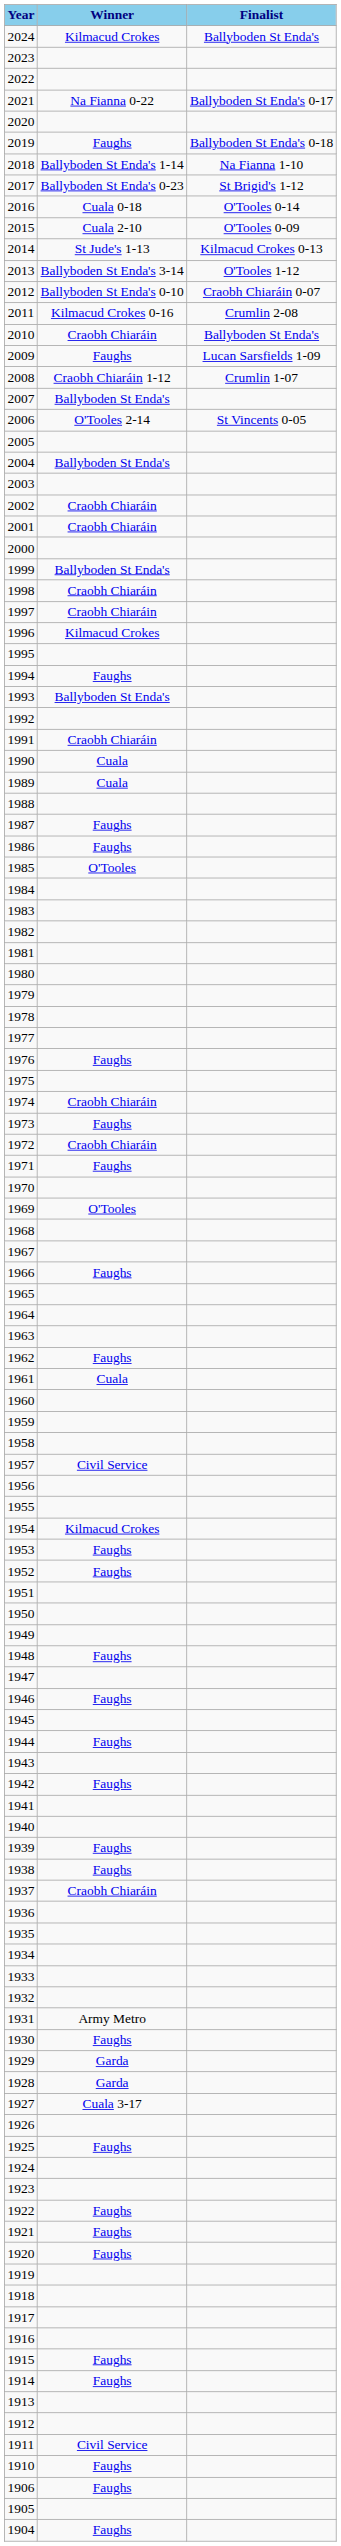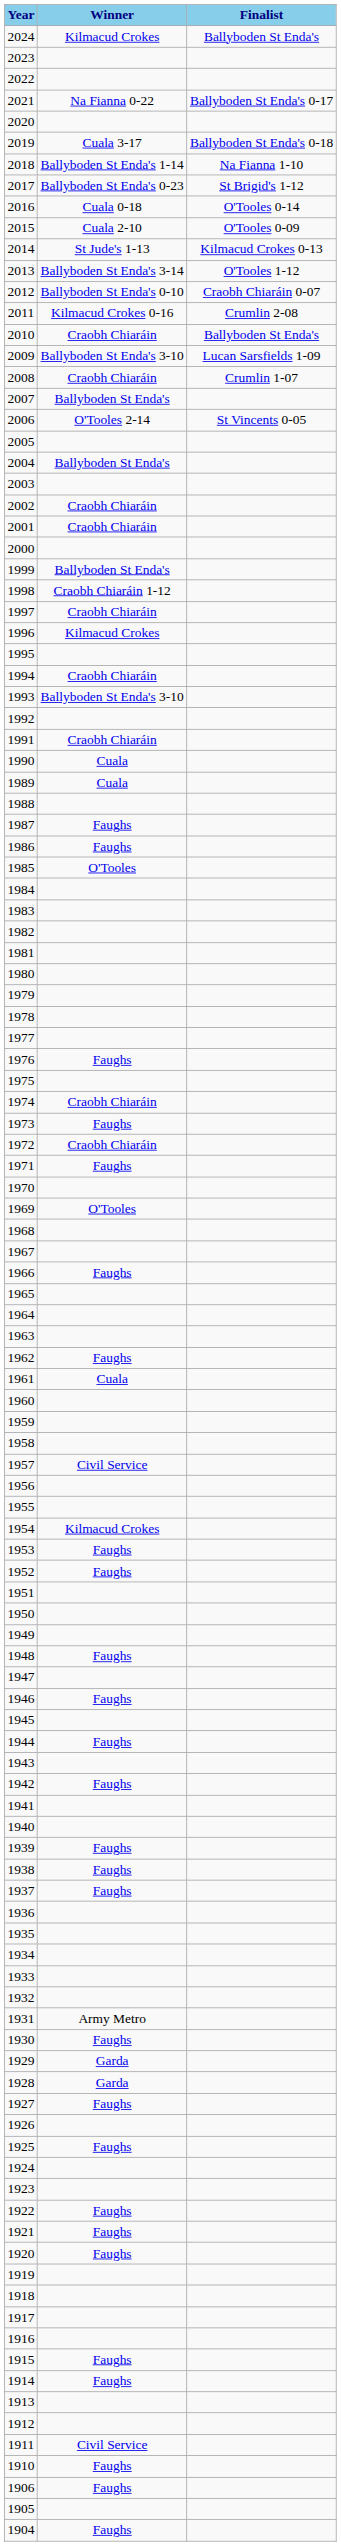 <table class="wikitable" style="text-align:center;">
 <tr>
 <th style="background:skyblue;color:navy;">Year</th>
 <th style="background:skyblue;color:navy;">Winner</th>
 <th style="background:skyblue;color:navy;">Finalist</th>
 </tr>
 <tr>
 <td>2024</td>
 <td><a href='#'>Kilmacud Crokes</a></td>
 <td><a href='#'>Ballyboden St Enda's</a></td>
 </tr>
 <tr>
 <td>2023</td>
 <td></td>
 <td></td>
 </tr>
 <tr>
 <td>2022</td>
 <td></td>
 <td></td>
 </tr>
 <tr>
 <td>2021</td>
 <td><a href='#'>Na Fianna</a>  0-22</td>
 <td><a href='#'>Ballyboden St Enda's</a> 0-17</td>
 </tr>
 <tr>
 <td>2020</td>
 <td></td>
 <td></td>
 </tr>
 <tr>
 <td>2019</td>
-<td><a href='#'>Faughs</a></td>
+<td><a href='#'>Cuala</a> 3-17</td>
 <td><a href='#'>Ballyboden St Enda's</a> 0-18</td>
 </tr>
 <tr>
 <td>2018</td>
 <td><a href='#'>Ballyboden St Enda's</a>  1-14</td>
 <td><a href='#'>Na Fianna</a>  1-10</td>
 </tr>
 <tr>
 <td>2017</td>
 <td><a href='#'>Ballyboden St Enda's</a> 0-23</td>
 <td><a href='#'>St Brigid's</a> 1-12</td>
 </tr>
 <tr>
 <td>2016</td>
 <td><a href='#'>Cuala</a> 0-18</td>
 <td><a href='#'>O'Tooles</a> 0-14</td>
 </tr>
 <tr>
 <td>2015</td>
 <td><a href='#'>Cuala</a> 2-10</td>
 <td><a href='#'>O'Tooles</a> 0-09</td>
 </tr>
 <tr>
 <td>2014</td>
 <td><a href='#'>St Jude's</a> 1-13</td>
 <td><a href='#'>Kilmacud Crokes</a> 0-13</td>
 </tr>
 <tr>
 <td>2013</td>
 <td><a href='#'>Ballyboden St Enda's</a> 3-14</td>
 <td><a href='#'>O'Tooles</a> 1-12</td>
 </tr>
 <tr>
 <td>2012</td>
 <td><a href='#'>Ballyboden St Enda's</a> 0-10</td>
 <td><a href='#'>Craobh Chiaráin</a> 0-07</td>
 </tr>
 <tr>
 <td>2011</td>
 <td><a href='#'>Kilmacud Crokes</a> 0-16</td>
 <td><a href='#'>Crumlin</a> 2-08</td>
 </tr>
 <tr>
 <td>2010</td>
 <td><a href='#'>Craobh Chiaráin</a></td>
 <td><a href='#'>Ballyboden St Enda's</a></td>
 </tr>
 <tr>
 <td>2009</td>
-<td><a href='#'>Faughs</a></td>
+<td><a href='#'>Ballyboden St Enda's</a> 3-10</td>
 <td><a href='#'>Lucan Sarsfields</a> 1-09</td>
 </tr>
 <tr>
 <td>2008</td>
-<td><a href='#'>Craobh Chiaráin</a> 1-12</td>
+<td><a href='#'>Craobh Chiaráin</a></td>
 <td><a href='#'>Crumlin</a> 1-07</td>
 </tr>
 <tr>
 <td>2007</td>
 <td><a href='#'>Ballyboden St Enda's</a></td>
 <td></td>
 </tr>
 <tr>
 <td>2006</td>
 <td><a href='#'>O'Tooles</a> 2-14</td>
 <td><a href='#'>St Vincents</a> 0-05</td>
 </tr>
 <tr>
 <td>2005</td>
 <td></td>
 <td></td>
 </tr>
 <tr>
 <td>2004</td>
 <td><a href='#'>Ballyboden St Enda's</a></td>
 <td></td>
 </tr>
 <tr>
 <td>2003</td>
 <td></td>
 <td></td>
 </tr>
 <tr>
 <td>2002</td>
 <td><a href='#'>Craobh Chiaráin</a></td>
 <td></td>
 </tr>
 <tr>
 <td>2001</td>
 <td><a href='#'>Craobh Chiaráin</a></td>
 <td></td>
 </tr>
 <tr>
 <td>2000</td>
 <td></td>
 <td></td>
 </tr>
 <tr>
 <td>1999</td>
 <td><a href='#'>Ballyboden St Enda's</a></td>
 <td></td>
 </tr>
 <tr>
 <td>1998</td>
-<td><a href='#'>Craobh Chiaráin</a></td>
+<td><a href='#'>Craobh Chiaráin</a> 1-12</td>
 <td></td>
 </tr>
 <tr>
 <td>1997</td>
 <td><a href='#'>Craobh Chiaráin</a></td>
 <td></td>
 </tr>
 <tr>
 <td>1996</td>
 <td><a href='#'>Kilmacud Crokes</a></td>
 <td></td>
 </tr>
 <tr>
 <td>1995</td>
 <td></td>
 <td></td>
 </tr>
 <tr>
 <td>1994</td>
-<td><a href='#'>Faughs</a></td>
+<td><a href='#'>Craobh Chiaráin</a></td>
 <td></td>
 </tr>
 <tr>
 <td>1993</td>
-<td><a href='#'>Ballyboden St Enda's</a></td>
+<td><a href='#'>Ballyboden St Enda's</a> 3-10</td>
 <td></td>
 </tr>
 <tr>
 <td>1992</td>
 <td></td>
 <td></td>
 </tr>
 <tr>
 <td>1991</td>
 <td><a href='#'>Craobh Chiaráin</a></td>
 <td></td>
 </tr>
 <tr>
 <td>1990</td>
 <td><a href='#'>Cuala</a></td>
 <td></td>
 </tr>
 <tr>
 <td>1989</td>
 <td><a href='#'>Cuala</a></td>
 <td></td>
 </tr>
 <tr>
 <td>1988</td>
 <td></td>
 <td></td>
 </tr>
 <tr>
 <td>1987</td>
 <td><a href='#'>Faughs</a></td>
 <td></td>
 </tr>
 <tr>
 <td>1986</td>
 <td><a href='#'>Faughs</a></td>
 <td></td>
 </tr>
 <tr>
 <td>1985</td>
 <td><a href='#'>O'Tooles</a></td>
 <td></td>
 </tr>
 <tr>
 <td>1984</td>
 <td></td>
 <td></td>
 </tr>
 <tr>
 <td>1983</td>
 <td></td>
 <td></td>
 </tr>
 <tr>
 <td>1982</td>
 <td></td>
 <td></td>
 </tr>
 <tr>
 <td>1981</td>
 <td></td>
 <td></td>
 </tr>
 <tr>
 <td>1980</td>
 <td></td>
 <td></td>
 </tr>
 <tr>
 <td>1979</td>
 <td></td>
 <td></td>
 </tr>
 <tr>
 <td>1978</td>
 <td></td>
 <td></td>
 </tr>
 <tr>
 <td>1977</td>
 <td></td>
 <td></td>
 </tr>
 <tr>
 <td>1976</td>
 <td><a href='#'>Faughs</a></td>
 <td></td>
 </tr>
 <tr>
 <td>1975</td>
 <td></td>
 <td></td>
 </tr>
 <tr>
 <td>1974</td>
 <td><a href='#'>Craobh Chiaráin</a></td>
 <td></td>
 </tr>
 <tr>
 <td>1973</td>
 <td><a href='#'>Faughs</a></td>
 <td></td>
 </tr>
 <tr>
 <td>1972</td>
 <td><a href='#'>Craobh Chiaráin</a></td>
 <td></td>
 </tr>
 <tr>
 <td>1971</td>
 <td><a href='#'>Faughs</a></td>
 <td></td>
 </tr>
 <tr>
 <td>1970</td>
 <td></td>
 <td></td>
 </tr>
 <tr>
 <td>1969</td>
 <td><a href='#'>O'Tooles</a></td>
 <td></td>
 </tr>
 <tr>
 <td>1968</td>
 <td></td>
 <td></td>
 </tr>
 <tr>
 <td>1967</td>
 <td></td>
 <td></td>
 </tr>
 <tr>
 <td>1966</td>
 <td><a href='#'>Faughs</a></td>
 <td></td>
 </tr>
 <tr>
 <td>1965</td>
 <td></td>
 <td></td>
 </tr>
 <tr>
 <td>1964</td>
 <td></td>
 <td></td>
 </tr>
 <tr>
 <td>1963</td>
 <td></td>
 <td></td>
 </tr>
 <tr>
 <td>1962</td>
 <td><a href='#'>Faughs</a></td>
 <td></td>
 </tr>
 <tr>
 <td>1961</td>
 <td><a href='#'>Cuala</a></td>
 <td></td>
 </tr>
 <tr>
 <td>1960</td>
 <td></td>
 <td></td>
 </tr>
 <tr>
 <td>1959</td>
 <td></td>
 <td></td>
 </tr>
 <tr>
 <td>1958</td>
 <td></td>
 <td></td>
 </tr>
 <tr>
 <td>1957</td>
 <td><a href='#'>Civil Service</a></td>
 <td></td>
 </tr>
 <tr>
 <td>1956</td>
 <td></td>
 <td></td>
 </tr>
 <tr>
 <td>1955</td>
 <td></td>
 <td></td>
 </tr>
 <tr>
 <td>1954</td>
 <td><a href='#'>Kilmacud Crokes</a></td>
 <td></td>
 </tr>
 <tr>
 <td>1953</td>
 <td><a href='#'>Faughs</a></td>
 <td></td>
 </tr>
 <tr>
 <td>1952</td>
 <td><a href='#'>Faughs</a></td>
 <td></td>
 </tr>
 <tr>
 <td>1951</td>
 <td></td>
 <td></td>
 </tr>
 <tr>
 <td>1950</td>
 <td></td>
 <td></td>
 </tr>
 <tr>
 <td>1949</td>
 <td></td>
 <td></td>
 </tr>
 <tr>
 <td>1948</td>
 <td><a href='#'>Faughs</a></td>
 <td></td>
 </tr>
 <tr>
 <td>1947</td>
 <td></td>
 <td></td>
 </tr>
 <tr>
 <td>1946</td>
 <td><a href='#'>Faughs</a></td>
 <td></td>
 </tr>
 <tr>
 <td>1945</td>
 <td></td>
 <td></td>
 </tr>
 <tr>
 <td>1944</td>
 <td><a href='#'>Faughs</a></td>
 <td></td>
 </tr>
 <tr>
 <td>1943</td>
 <td></td>
 <td></td>
 </tr>
 <tr>
 <td>1942</td>
 <td><a href='#'>Faughs</a></td>
 <td></td>
 </tr>
 <tr>
 <td>1941</td>
 <td></td>
 <td></td>
 </tr>
 <tr>
 <td>1940</td>
 <td></td>
 <td></td>
 </tr>
 <tr>
 <td>1939</td>
 <td><a href='#'>Faughs</a></td>
 <td></td>
 </tr>
 <tr>
 <td>1938</td>
 <td><a href='#'>Faughs</a></td>
 <td></td>
 </tr>
 <tr>
 <td>1937</td>
-<td><a href='#'>Craobh Chiaráin</a></td>
+<td><a href='#'>Faughs</a></td>
 <td></td>
 </tr>
 <tr>
 <td>1936</td>
 <td></td>
 <td></td>
 </tr>
 <tr>
 <td>1935</td>
 <td></td>
 <td></td>
 </tr>
 <tr>
 <td>1934</td>
 <td></td>
 <td></td>
 </tr>
 <tr>
 <td>1933</td>
 <td></td>
 <td></td>
 </tr>
 <tr>
 <td>1932</td>
 <td></td>
 <td></td>
 </tr>
 <tr>
 <td>1931</td>
 <td>Army Metro</td>
 <td></td>
 </tr>
 <tr>
 <td>1930</td>
 <td><a href='#'>Faughs</a></td>
 <td></td>
 </tr>
 <tr>
 <td>1929</td>
 <td><a href='#'>Garda</a></td>
 <td></td>
 </tr>
 <tr>
 <td>1928</td>
 <td><a href='#'>Garda</a></td>
 <td></td>
 </tr>
 <tr>
 <td>1927</td>
-<td><a href='#'>Cuala</a> 3-17</td>
+<td><a href='#'>Faughs</a></td>
 <td></td>
 </tr>
 <tr>
 <td>1926</td>
 <td></td>
 <td></td>
 </tr>
 <tr>
 <td>1925</td>
 <td><a href='#'>Faughs</a></td>
 <td></td>
 </tr>
 <tr>
 <td>1924</td>
 <td></td>
 <td></td>
 </tr>
 <tr>
 <td>1923</td>
 <td></td>
 <td></td>
 </tr>
 <tr>
 <td>1922</td>
 <td><a href='#'>Faughs</a></td>
 <td></td>
 </tr>
 <tr>
 <td>1921</td>
 <td><a href='#'>Faughs</a></td>
 <td></td>
 </tr>
 <tr>
 <td>1920</td>
 <td><a href='#'>Faughs</a></td>
 <td></td>
 </tr>
 <tr>
 <td>1919</td>
 <td></td>
 <td></td>
 </tr>
 <tr>
 <td>1918</td>
 <td></td>
 <td></td>
 </tr>
 <tr>
 <td>1917</td>
 <td></td>
 <td></td>
 </tr>
 <tr>
 <td>1916</td>
 <td></td>
 <td></td>
 </tr>
 <tr>
 <td>1915</td>
 <td><a href='#'>Faughs</a></td>
 <td></td>
 </tr>
 <tr>
 <td>1914</td>
 <td><a href='#'>Faughs</a></td>
 <td></td>
 </tr>
 <tr>
 <td>1913</td>
 <td></td>
 <td></td>
 </tr>
 <tr>
 <td>1912</td>
 <td></td>
 <td></td>
 </tr>
 <tr>
 <td>1911</td>
 <td><a href='#'>Civil Service</a></td>
 <td></td>
 </tr>
 <tr>
 <td>1910</td>
 <td><a href='#'>Faughs</a></td>
 <td></td>
 </tr>
 <tr>
 <td>1906</td>
 <td><a href='#'>Faughs</a></td>
 <td></td>
 </tr>
 <tr>
 <td>1905</td>
 <td></td>
 <td></td>
 </tr>
 <tr>
 <td>1904</td>
 <td><a href='#'>Faughs</a></td>
 <td></td>
 </tr>
 </table>
